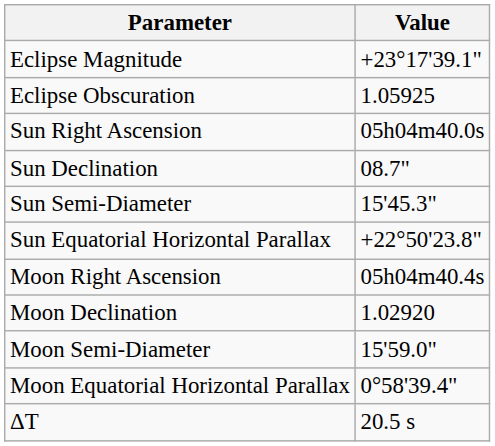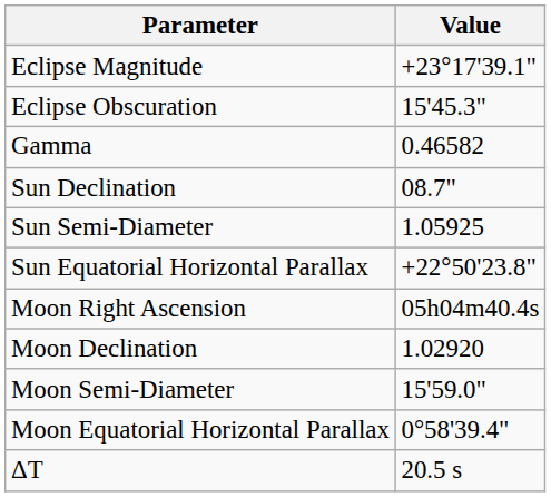 <table class="wikitable">
 <tr>
 <th>Parameter</th>
 <th>Value</th>
 </tr>
 <tr>
 <td>Eclipse Magnitude</td>
 <td>+23°17'39.1"</td>
 </tr>
 <tr>
 <td>Eclipse Obscuration</td>
-<td>1.05925</td>
+<td>15'45.3"</td>
 </tr>
 <tr>
-<td>Sun Right Ascension</td>
-<td>05h04m40.0s</td>
+<td>Gamma</td>
+<td>0.46582</td>
 </tr>
 <tr>
 <td>Sun Declination</td>
 <td>08.7"</td>
 </tr>
 <tr>
 <td>Sun Semi-Diameter</td>
-<td>15'45.3"</td>
+<td>1.05925</td>
 </tr>
 <tr>
 <td>Sun Equatorial Horizontal Parallax</td>
 <td>+22°50'23.8"</td>
 </tr>
 <tr>
 <td>Moon Right Ascension</td>
 <td>05h04m40.4s</td>
 </tr>
 <tr>
 <td>Moon Declination</td>
 <td>1.02920</td>
 </tr>
 <tr>
 <td>Moon Semi-Diameter</td>
 <td>15'59.0"</td>
 </tr>
 <tr>
 <td>Moon Equatorial Horizontal Parallax</td>
 <td>0°58'39.4"</td>
 </tr>
 <tr>
 <td>ΔT</td>
 <td>20.5 s</td>
 </tr>
 </table>
